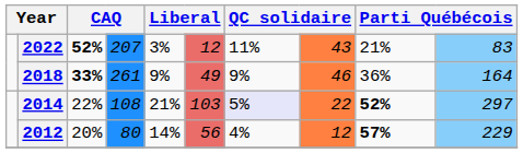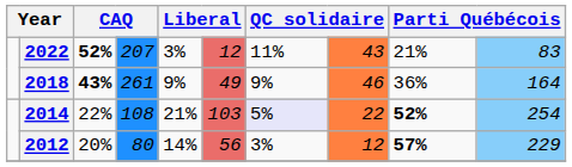 <table class="wikitable" style="width:400; font-size:90%; margin-left:1em;">
 <tr>
 <th colspan="2" scope="col">Year</th>
 <th colspan="2" scope="col"><a href='#'>CAQ</a></th>
 <th colspan="2" scope="col"><a href='#'>Liberal</a></th>
 <th colspan="2" scope="col"><a href='#'>QC solidaire</a></th>
 <th colspan="2" scope="col"><a href='#'>Parti Québécois</a></th>
 </tr>
 <tr>
 <td rowspan="2" style="width: 0.25em; background-color: "></td>
 <th><a href='#'>2022</a></th>
 <td><strong>52%</strong></td>
 <td style="text-align:right; background:#1E90FF;"><em>207</em></td>
 <td>3%</td>
 <td style="text-align:right; background:#EA6D6A;"><em>12</em></td>
 <td>11%</td>
 <td style="text-align:right; background:#FF8040;"><em>43</em></td>
 <td>21%</td>
 <td style="text-align:right; background:#87CEFA;"><em>83</em></td>
 </tr>
 <tr>
 <th><a href='#'>2018</a></th>
-<td><strong>33%</strong></td>
+<td><strong>43%</strong></td>
 <td style="text-align:right; background:#1E90FF;"><em>261</em></td>
 <td>9%</td>
 <td style="text-align:right; background:#EA6D6A;"><em>49</em></td>
 <td>9%</td>
 <td style="text-align:right; background:#FF8040;"><em>46</em></td>
 <td>36%</td>
 <td style="text-align:right; background:#87CEFA;"><em>164</em></td>
 </tr>
 <tr>
 <td rowspan="2" style="width: 0.25em; background-color: "></td>
 <th><a href='#'>2014</a></th>
 <td>22%</td>
 <td style="text-align:right; background:#1E90FF;"><em>108</em></td>
 <td>21%</td>
 <td style="text-align:right; background:#EA6D6A;"><em>103</em></td>
 <td style="background: lavender;">5%</td>
 <td style="text-align:right; background:#FF8040;"><em>22</em></td>
 <td><strong>52%</strong></td>
-<td style="text-align:right; background:#87CEFA;"><em>297</em></td>
+<td style="text-align:right; background:#87CEFA;"><em>254</em></td>
 </tr>
 <tr>
 <th><a href='#'>2012</a></th>
 <td>20%</td>
 <td style="text-align:right; background:#1E90FF;"><em>80</em></td>
 <td>14%</td>
 <td style="text-align:right; background:#EA6D6A;"><em>56</em></td>
-<td>4%</td>
+<td>3%</td>
 <td style="text-align:right; background:#FF8040;"><em>12</em></td>
 <td><strong>57%</strong></td>
 <td style="text-align:right; background:#87CEFA;"><em>229</em></td>
 </tr>
 <tr>
 </tr>
 </table>
